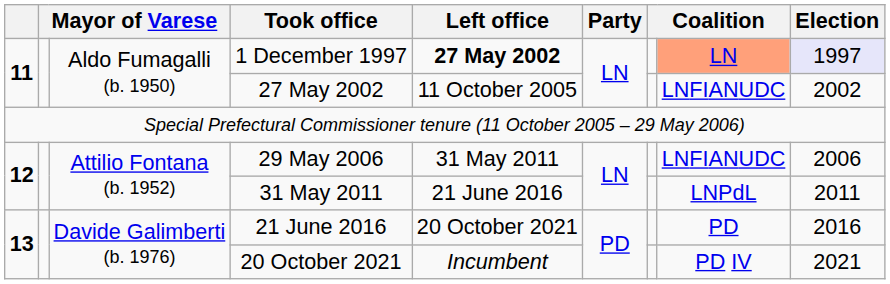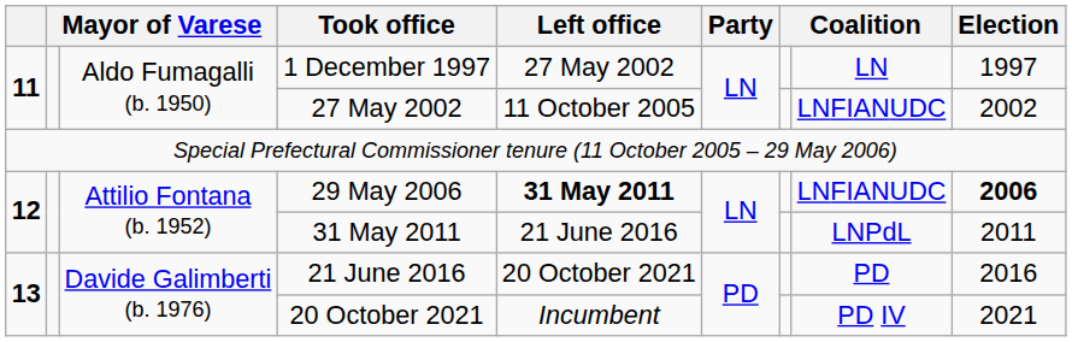 <table class="wikitable" style="text-align: center;">
 <tr>
 <th><br></th>
 <th colspan="2">Mayor of <a href='#'>Varese</a></th>
 <th>Took office</th>
 <th>Left office</th>
 <th>Party</th>
 <th colspan="2">Coalition</th>
 <th>Election</th>
 </tr>
 <tr>
 <td rowspan="2" style="background: "><strong>11</strong></td>
 <td rowspan="2"></td>
 <td rowspan="2">Aldo Fumagalli <br><small>(b. 1950)</small></td>
 <td>1 December 1997</td>
-<td><strong>27 May 2002</strong></td>
+<td>27 May 2002</td>
 <td rowspan="2"><a href='#'>LN</a></td>
 <td style="background: "></td>
-<td style="background: lightsalmon;"><a href='#'>LN</a></td>
-<td style="background: lavender;">1997</td>
+<td><a href='#'>LN</a></td>
+<td>1997</td>
 </tr>
 <tr>
 <td>27 May 2002</td>
 <td>11 October 2005</td>
 <td style="background: "></td>
 <td><a href='#'>LN</a><a href='#'>FI</a><a href='#'>AN</a><a href='#'>UDC</a></td>
 <td>2002</td>
 </tr>
 <tr>
 <td colspan=9><small><em>Special Prefectural Commissioner tenure (11 October 2005 – 29 May 2006)</em></small></td>
 </tr>
 <tr>
 <td rowspan="2" style="background: "><strong>12</strong></td>
 <td rowspan="2"></td>
 <td rowspan="2"><a href='#'>Attilio Fontana</a> <br><small>(b. 1952)</small></td>
 <td>29 May 2006</td>
-<td>31 May 2011</td>
+<td><strong>31 May 2011</strong></td>
 <td rowspan="2"><a href='#'>LN</a></td>
 <td style="background: "></td>
 <td><a href='#'>LN</a><a href='#'>FI</a><a href='#'>AN</a><a href='#'>UDC</a></td>
-<td>2006</td>
+<td><strong>2006</strong></td>
 </tr>
 <tr>
 <td>31 May 2011</td>
 <td>21 June 2016</td>
 <td style="background: "></td>
 <td><a href='#'>LN</a><a href='#'>PdL</a></td>
 <td>2011</td>
 </tr>
 <tr>
 <td rowspan="2" style="background: "><strong>13</strong></td>
 <td rowspan="2"></td>
 <td rowspan="2"><a href='#'>Davide Galimberti</a> <br><small>(b. 1976)</small></td>
 <td>21 June 2016</td>
 <td>20 October 2021</td>
 <td rowspan="2"><a href='#'>PD</a></td>
 <td style="background: "></td>
 <td><a href='#'>PD</a></td>
 <td>2016</td>
 </tr>
 <tr>
 <td>20 October 2021</td>
 <td><em>Incumbent</em></td>
 <td style="background: "></td>
 <td><a href='#'>PD</a>  <a href='#'>IV</a></td>
 <td>2021</td>
 </tr>
 </table>
